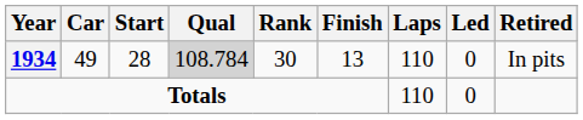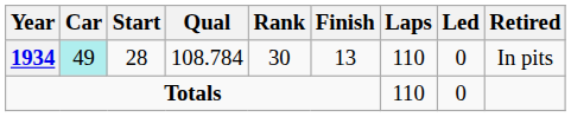 <table class="wikitable" style="text-align:center">
 <tr>
 <th>Year</th>
 <th>Car</th>
 <th>Start</th>
 <th>Qual</th>
 <th>Rank</th>
 <th>Finish</th>
 <th>Laps</th>
 <th>Led</th>
 <th>Retired</th>
 </tr>
 <tr>
 <th><a href='#'>1934</a></th>
-<td>49</td>
+<td style="background: paleturquoise;">49</td>
 <td>28</td>
-<td style="background: lightgrey;">108.784</td>
+<td>108.784</td>
 <td>30</td>
 <td>13</td>
 <td>110</td>
 <td>0</td>
 <td>In pits</td>
 </tr>
 <tr>
 <td colspan=6><strong>Totals</strong></td>
 <td>110</td>
 <td>0</td>
 <td></td>
 </tr>
 </table>
